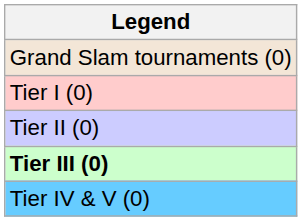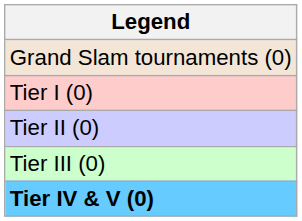 <table class="wikitable sortable mw-collapsible mw-collapsed">
 <tr>
 <th>Legend</th>
 </tr>
 <tr>
 <td align=center colspan=2 style="background:#f3e6d7;">Grand Slam tournaments (0)</td>
 </tr>
 <tr>
 <td style="background:#fcc;">Tier I (0)</td>
 </tr>
 <tr>
 <td style="background:#ccf;">Tier II (0)</td>
 </tr>
 <tr>
-<td style="background:#cfc;"><strong>Tier III (0)</strong></td>
+<td style="background:#cfc;">Tier III (0)</td>
 </tr>
 <tr>
-<td style="background:#6cf;">Tier IV & V (0)</td>
+<td style="background:#6cf;"><strong>Tier IV & V (0)</strong></td>
 </tr>
 </table>
